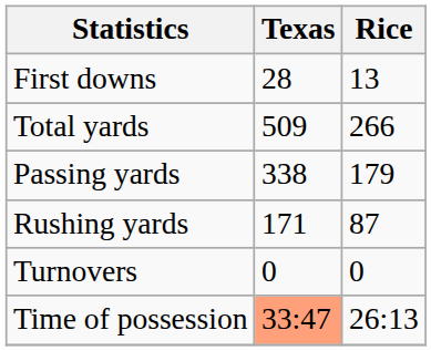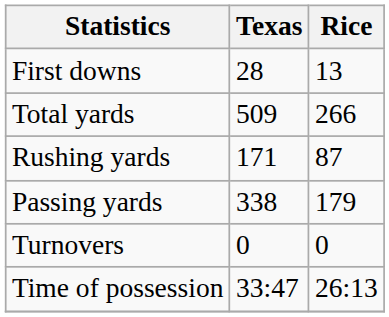 <table class="wikitable" style="float: right;">
 <tr>
 <th>Statistics</th>
 <th>Texas</th>
 <th>Rice</th>
 </tr>
 <tr>
 <td>First downs</td>
 <td>28</td>
 <td>13</td>
 </tr>
 <tr>
 <td>Total yards</td>
 <td>509</td>
 <td>266</td>
 </tr>
 <tr>
+<td>Rushing yards</td>
+<td>171</td>
+<td>87</td>
+</tr>
+<tr>
 <td>Passing yards</td>
 <td>338</td>
 <td>179</td>
-</tr>
-<tr>
-<td>Rushing yards</td>
-<td>171</td>
-<td>87</td>
 </tr>
 <tr>
 <td>Turnovers</td>
 <td>0</td>
 <td>0</td>
 </tr>
 <tr>
 <td>Time of possession</td>
-<td style="background: lightsalmon;">33:47</td>
+<td>33:47</td>
 <td>26:13</td>
 </tr>
 <tr>
 </tr>
 </table>
